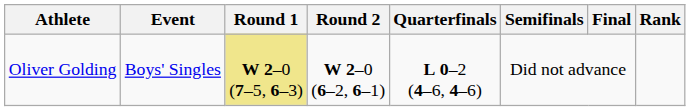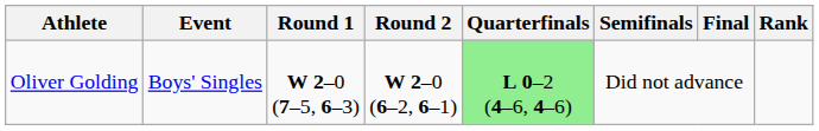 <table class=wikitable style="font-size:90%">
 <tr>
 <th>Athlete</th>
 <th>Event</th>
 <th>Round 1</th>
 <th>Round 2</th>
 <th>Quarterfinals</th>
 <th>Semifinals</th>
 <th>Final</th>
 <th>Rank</th>
 </tr>
 <tr>
 <td><a href='#'>Oliver Golding</a></td>
 <td><a href='#'>Boys' Singles</a></td>
-<td align=center style="background: khaki;"><br><strong>W</strong> <strong>2</strong>–0<br> (<strong>7</strong>–5, <strong>6</strong>–3)</td>
+<td align=center><br><strong>W</strong> <strong>2</strong>–0<br> (<strong>7</strong>–5, <strong>6</strong>–3)</td>
 <td align=center><br><strong>W</strong> <strong>2</strong>–0<br> (<strong>6</strong>–2, <strong>6</strong>–1)</td>
-<td align=center><br><strong>L</strong> <strong>0</strong>–2<br> (<strong>4</strong>–6, <strong>4</strong>–6)</td>
+<td align=center style="background: lightgreen;"><br><strong>L</strong> <strong>0</strong>–2<br> (<strong>4</strong>–6, <strong>4</strong>–6)</td>
 <td colspan=2 align=center>Did not advance</td>
 <td align=center></td>
 </tr>
 </table>
